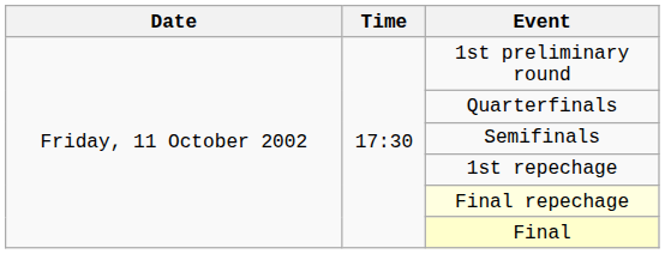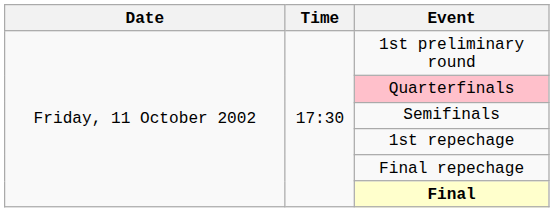 <table class = "wikitable" style="text-align:center;">
 <tr>
 <th width=220>Date</th>
 <th width=50>Time</th>
 <th width=150>Event</th>
 </tr>
 <tr>
 <td rowspan=6>Friday, 11 October 2002</td>
 <td rowspan=6>17:30</td>
 <td>1st preliminary round</td>
 </tr>
 <tr>
-<td>Quarterfinals</td>
+<td style="background: pink;">Quarterfinals</td>
 </tr>
 <tr>
 <td>Semifinals</td>
 </tr>
 <tr>
 <td>1st repechage</td>
 </tr>
 <tr>
-<td style="background: lightyellow;">Final repechage</td>
+<td>Final repechage</td>
 </tr>
 <tr>
-<td bgcolor=ffffcc>Final</td>
+<td bgcolor=ffffcc><strong>Final</strong></td>
 </tr>
 </table>
